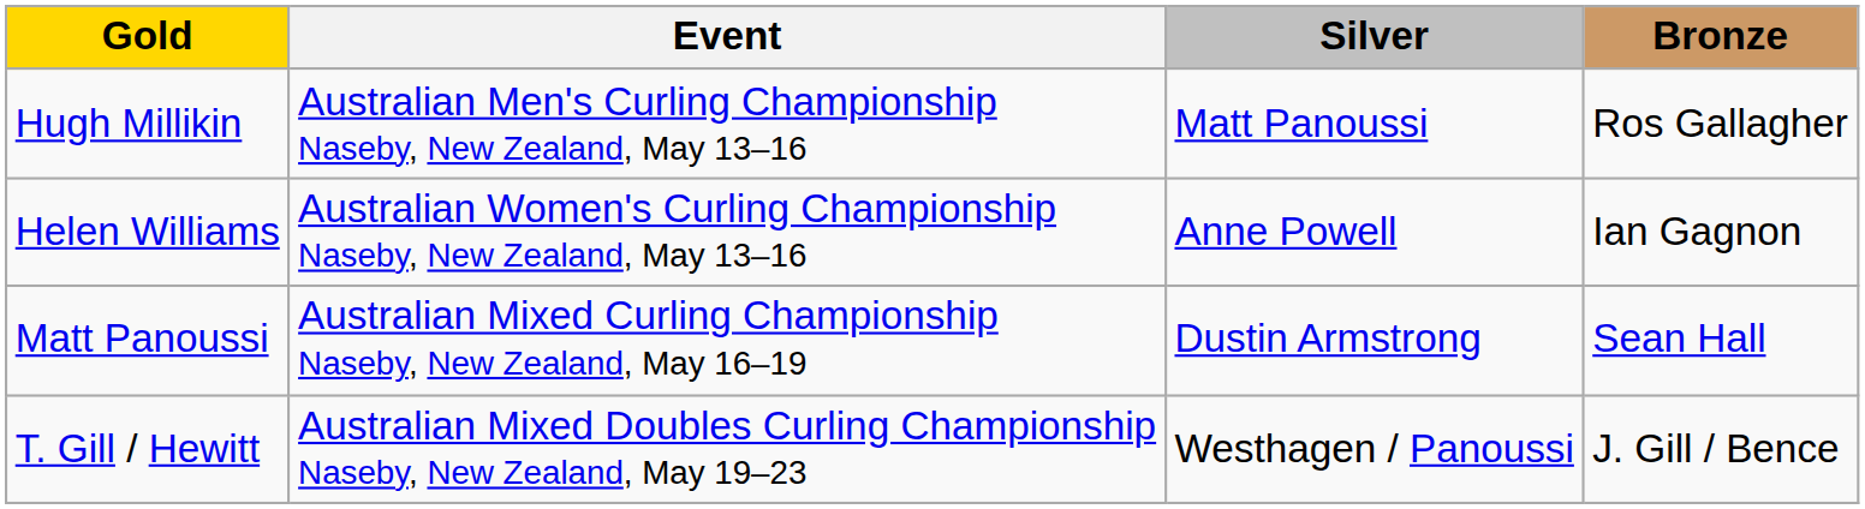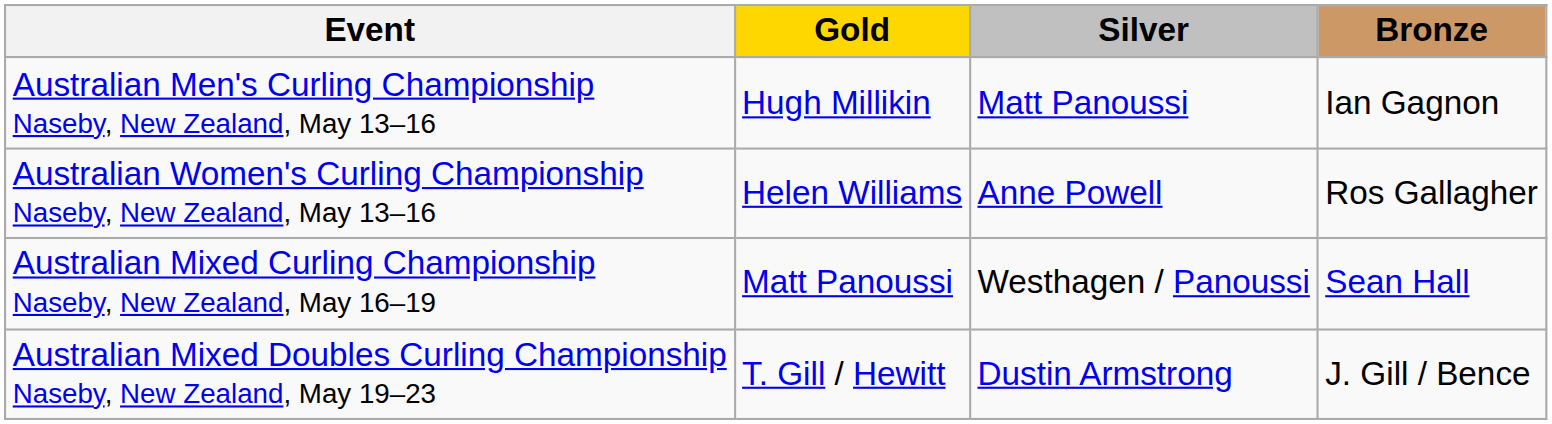 <table class="wikitable">
 <tr>
+<th>Event</th>
 <th style="background:gold">Gold</th>
-<th>Event</th>
 <th style="background:silver">Silver</th>
 <th style="background:#cc9966">Bronze</th>
 </tr>
 <tr>
+<td><a href='#'>Australian Men's Curling Championship</a> <br> <small><a href='#'>Naseby</a>, <a href='#'>New Zealand</a>, May 13–16</small></td>
 <td><a href='#'>Hugh Millikin</a></td>
-<td><a href='#'>Australian Men's Curling Championship</a> <br> <small><a href='#'>Naseby</a>, <a href='#'>New Zealand</a>, May 13–16</small></td>
 <td><a href='#'>Matt Panoussi</a></td>
+<td>Ian Gagnon</td>
+</tr>
+<tr>
+<td><a href='#'>Australian Women's Curling Championship</a> <br> <small><a href='#'>Naseby</a>, <a href='#'>New Zealand</a>, May 13–16</small></td>
+<td><a href='#'>Helen Williams</a></td>
+<td><a href='#'>Anne Powell</a></td>
 <td>Ros Gallagher</td>
 </tr>
 <tr>
-<td><a href='#'>Helen Williams</a></td>
-<td><a href='#'>Australian Women's Curling Championship</a> <br> <small><a href='#'>Naseby</a>, <a href='#'>New Zealand</a>, May 13–16</small></td>
-<td><a href='#'>Anne Powell</a></td>
-<td>Ian Gagnon</td>
-</tr>
-<tr>
+<td><a href='#'>Australian Mixed Curling Championship</a> <br> <small><a href='#'>Naseby</a>, <a href='#'>New Zealand</a>, May 16–19</small></td>
 <td><a href='#'>Matt Panoussi</a></td>
-<td><a href='#'>Australian Mixed Curling Championship</a> <br> <small><a href='#'>Naseby</a>, <a href='#'>New Zealand</a>, May 16–19</small></td>
-<td><a href='#'>Dustin Armstrong</a></td>
+<td>Westhagen / <a href='#'>Panoussi</a></td>
 <td><a href='#'>Sean Hall</a></td>
 </tr>
 <tr>
+<td><a href='#'>Australian Mixed Doubles Curling Championship</a> <br> <small><a href='#'>Naseby</a>, <a href='#'>New Zealand</a>, May 19–23</small></td>
 <td><a href='#'>T. Gill</a> / <a href='#'>Hewitt</a></td>
-<td><a href='#'>Australian Mixed Doubles Curling Championship</a> <br> <small><a href='#'>Naseby</a>, <a href='#'>New Zealand</a>, May 19–23</small></td>
-<td>Westhagen / <a href='#'>Panoussi</a></td>
+<td><a href='#'>Dustin Armstrong</a></td>
 <td>J. Gill / Bence</td>
 </tr>
 </table>
